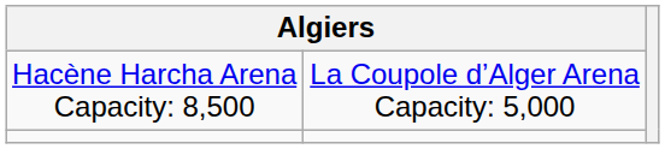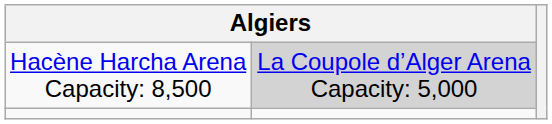 <table class="wikitable" style="text-align:center;margin: 1em auto;">
 <tr>
 <th style="border-left:none; border-right;" colspan=2>Algiers</th>
 <th rowspan=6></th>
 </tr>
 <tr>
 <td><a href='#'>Hacène Harcha Arena</a><br>Capacity: 8,500</td>
-<td><a href='#'>La Coupole d’Alger Arena</a><br>Capacity: 5,000</td>
+<td style="background: lightgrey;"><a href='#'>La Coupole d’Alger Arena</a><br>Capacity: 5,000</td>
 </tr>
 <tr>
 <td></td>
 <td></td>
 </tr>
 </table>
